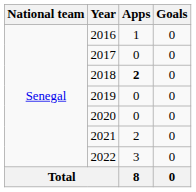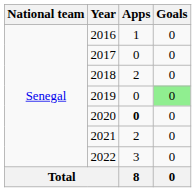 <table class="wikitable" style="text-align:center">
 <tr>
 <th>National team</th>
 <th>Year</th>
 <th>Apps</th>
 <th>Goals</th>
 </tr>
 <tr>
 <td rowspan="7"><a href='#'>Senegal</a></td>
 <td>2016</td>
 <td>1</td>
 <td>0</td>
 </tr>
 <tr>
 <td>2017</td>
 <td>0</td>
 <td>0</td>
 </tr>
 <tr>
 <td>2018</td>
-<td><strong>2</strong></td>
+<td>2</td>
 <td>0</td>
 </tr>
 <tr>
 <td>2019</td>
 <td>0</td>
-<td>0</td>
+<td style="background: lightgreen;">0</td>
 </tr>
 <tr>
 <td>2020</td>
-<td>0</td>
+<td><strong>0</strong></td>
 <td>0</td>
 </tr>
 <tr>
 <td>2021</td>
 <td>2</td>
 <td>0</td>
 </tr>
 <tr>
 <td>2022</td>
 <td>3</td>
 <td>0</td>
 </tr>
 <tr>
 <th colspan="2">Total</th>
 <th>8</th>
 <th>0</th>
 </tr>
 </table>
